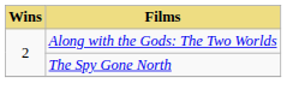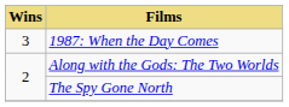 <table class="wikitable" align="center" |>
 <tr>
 <th style="background:#EEDD82;" ! align="center">Wins</th>
 <th style="background:#EEDD82;" ! align="center">Films</th>
+</tr>
+<tr>
+<td style="text-align:center">3</td>
+<td><em><a href='#'>1987: When the Day Comes</a></em></td>
 </tr>
 <tr>
 <td rowspan="2" style="text-align:center">2</td>
 <td><em><a href='#'>Along with the Gods: The Two Worlds</a></em></td>
 </tr>
 <tr>
 <td><em><a href='#'>The Spy Gone North</a></em></td>
 </tr>
 <tr>
 </tr>
 </table>
